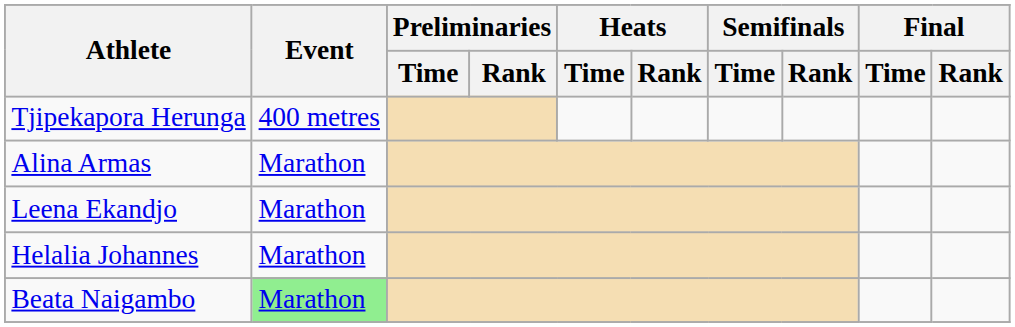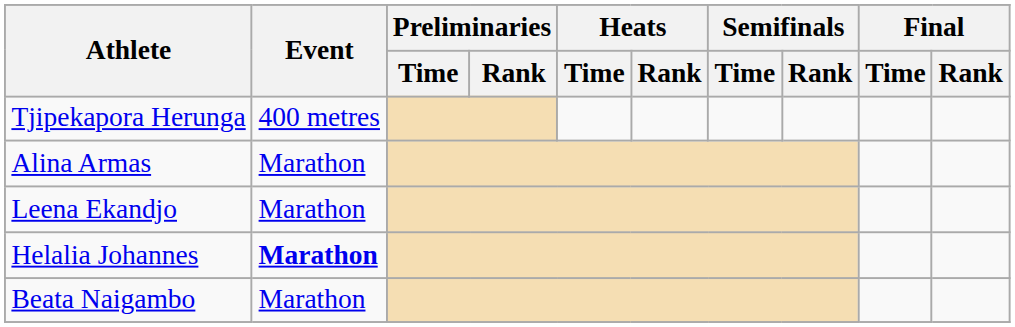 <table class=wikitable style="font-size:90%;">
 <tr>
 <th rowspan="2">Athlete</th>
 <th rowspan="2">Event</th>
 <th colspan="2">Preliminaries</th>
 <th colspan="2">Heats</th>
 <th colspan="2">Semifinals</th>
 <th colspan="2">Final</th>
 </tr>
 <tr>
 <th>Time</th>
 <th>Rank</th>
 <th>Time</th>
 <th>Rank</th>
 <th>Time</th>
 <th>Rank</th>
 <th>Time</th>
 <th>Rank</th>
 </tr>
 <tr style="border-top: single;">
 <td><a href='#'>Tjipekapora Herunga</a></td>
 <td><a href='#'>400 metres</a></td>
 <td colspan= 2 bgcolor="wheat"></td>
 <td align=center></td>
 <td align=center></td>
 <td align=center></td>
 <td align=center></td>
 <td align=center></td>
 <td align=center></td>
 </tr>
 <tr style="border-top: single;">
 <td><a href='#'>Alina Armas</a></td>
 <td><a href='#'>Marathon</a></td>
 <td colspan= 6 bgcolor="wheat"></td>
 <td align=center></td>
 <td align=center></td>
 </tr>
 <tr style="border-top: single;">
 <td><a href='#'>Leena Ekandjo</a></td>
 <td><a href='#'>Marathon</a></td>
 <td colspan= 6 bgcolor="wheat"></td>
 <td align=center></td>
 <td align=center></td>
 </tr>
 <tr style="border-top: single;">
 <td><a href='#'>Helalia Johannes</a></td>
-<td><a href='#'>Marathon</a></td>
+<td><strong><a href='#'>Marathon</a></strong></td>
 <td colspan= 6 bgcolor="wheat"></td>
 <td align=center></td>
 <td align=center></td>
 </tr>
 <tr style="border-top: single;">
 <td><a href='#'>Beata Naigambo</a></td>
-<td style="background: lightgreen;"><a href='#'>Marathon</a></td>
+<td><a href='#'>Marathon</a></td>
 <td colspan= 6 bgcolor="wheat"></td>
 <td align=center></td>
 <td align=center></td>
 </tr>
 </table>
